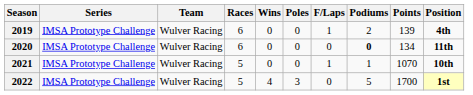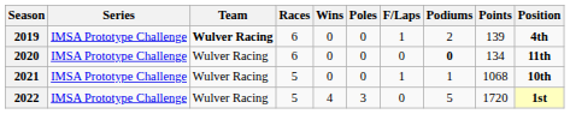 <table class="wikitable" style="font-size: 90%; text-align:center">
 <tr>
 <th>Season</th>
 <th>Series</th>
 <th>Team</th>
 <th>Races</th>
 <th>Wins</th>
 <th>Poles</th>
 <th>F/Laps</th>
 <th>Podiums</th>
 <th>Points</th>
 <th>Position</th>
 </tr>
 <tr>
 <th rowspan="1">2019</th>
 <td align=left><a href='#'>IMSA Prototype Challenge</a></td>
-<td align=left>Wulver Racing</td>
+<td align=left><strong>Wulver Racing</strong></td>
 <td>6</td>
 <td>0</td>
 <td>0</td>
 <td>1</td>
 <td>2</td>
 <td>139</td>
 <td style="background:#;"><strong>4th</strong></td>
 </tr>
 <tr>
 <th rowspan="1">2020</th>
 <td align=left><a href='#'>IMSA Prototype Challenge</a></td>
 <td align=left>Wulver Racing</td>
 <td>6</td>
 <td>0</td>
 <td>0</td>
 <td>0</td>
 <td><strong>0</strong></td>
 <td>134</td>
 <td style="background:#;"><strong>11th</strong></td>
 </tr>
 <tr>
 <th rowspan="1">2021</th>
 <td align=left><a href='#'>IMSA Prototype Challenge</a></td>
 <td align=left>Wulver Racing</td>
 <td>5</td>
 <td>0</td>
 <td>0</td>
 <td>1</td>
 <td>1</td>
-<td>1070</td>
+<td>1068</td>
 <td style="background:#;"><strong>10th</strong></td>
 </tr>
 <tr>
 <th rowspan="1">2022</th>
 <td align=left><a href='#'>IMSA Prototype Challenge</a></td>
 <td align=left>Wulver Racing</td>
 <td>5</td>
 <td>4</td>
 <td>3</td>
 <td>0</td>
 <td>5</td>
-<td>1700</td>
+<td>1720</td>
 <td style="background:#FFFFBF;"><strong>1st</strong></td>
 </tr>
 </table>
